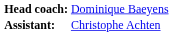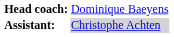 <table>
 <tr>
 <td><strong>Head coach:</strong></td>
 <td><a href='#'>Dominique Baeyens</a></td>
 </tr>
 <tr>
 <td><strong>Assistant:</strong></td>
-<td><a href='#'>Christophe Achten</a></td>
+<td style="background: lightgrey;"><a href='#'>Christophe Achten</a></td>
 </tr>
 </table>
